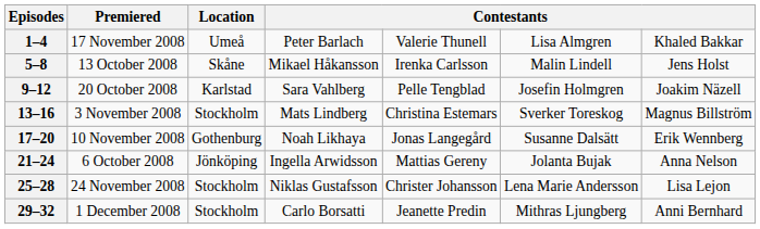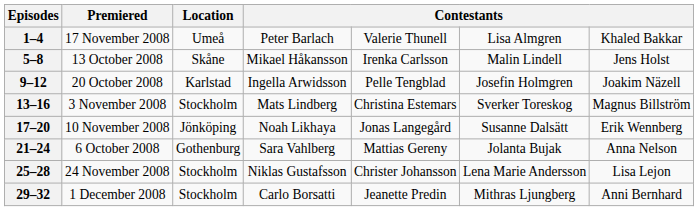 <table class="wikitable" style="font-size:90%; text-align:center">
 <tr>
 <th>Episodes</th>
 <th>Premiered</th>
 <th>Location</th>
 <th colspan="4">Contestants</th>
 </tr>
 <tr>
 <th>1–4</th>
 <td>17 November 2008</td>
 <td>Umeå</td>
 <td>Peter Barlach</td>
 <td>Valerie Thunell</td>
 <td>Lisa Almgren</td>
 <td>Khaled Bakkar</td>
 </tr>
 <tr>
 <th>5–8</th>
 <td>13 October 2008</td>
 <td>Skåne</td>
 <td>Mikael Håkansson</td>
 <td>Irenka Carlsson</td>
 <td>Malin Lindell</td>
 <td>Jens Holst</td>
 </tr>
 <tr>
 <th>9–12</th>
 <td>20 October 2008</td>
 <td>Karlstad</td>
-<td>Sara Vahlberg</td>
+<td>Ingella Arwidsson</td>
 <td>Pelle Tengblad</td>
 <td>Josefin Holmgren</td>
 <td>Joakim Näzell</td>
 </tr>
 <tr>
 <th>13–16</th>
 <td>3 November 2008</td>
 <td>Stockholm</td>
 <td>Mats Lindberg</td>
 <td>Christina Estemars</td>
 <td>Sverker Toreskog</td>
 <td>Magnus Billström</td>
 </tr>
 <tr>
 <th>17–20</th>
 <td>10 November 2008</td>
-<td>Gothenburg</td>
+<td>Jönköping</td>
 <td>Noah Likhaya</td>
 <td>Jonas Langegård</td>
 <td>Susanne Dalsätt</td>
 <td>Erik Wennberg</td>
 </tr>
 <tr>
 <th>21–24</th>
 <td>6 October 2008</td>
-<td>Jönköping</td>
-<td>Ingella Arwidsson</td>
+<td>Gothenburg</td>
+<td>Sara Vahlberg</td>
 <td>Mattias Gereny</td>
 <td>Jolanta Bujak</td>
 <td>Anna Nelson</td>
 </tr>
 <tr>
 <th>25–28</th>
 <td>24 November 2008</td>
 <td>Stockholm</td>
 <td>Niklas Gustafsson</td>
 <td>Christer Johansson</td>
 <td>Lena Marie Andersson</td>
 <td>Lisa Lejon</td>
 </tr>
 <tr>
 <th>29–32</th>
 <td>1 December 2008</td>
 <td>Stockholm</td>
 <td>Carlo Borsatti</td>
 <td>Jeanette Predin</td>
 <td>Mithras Ljungberg</td>
 <td>Anni Bernhard</td>
 </tr>
 </table>
